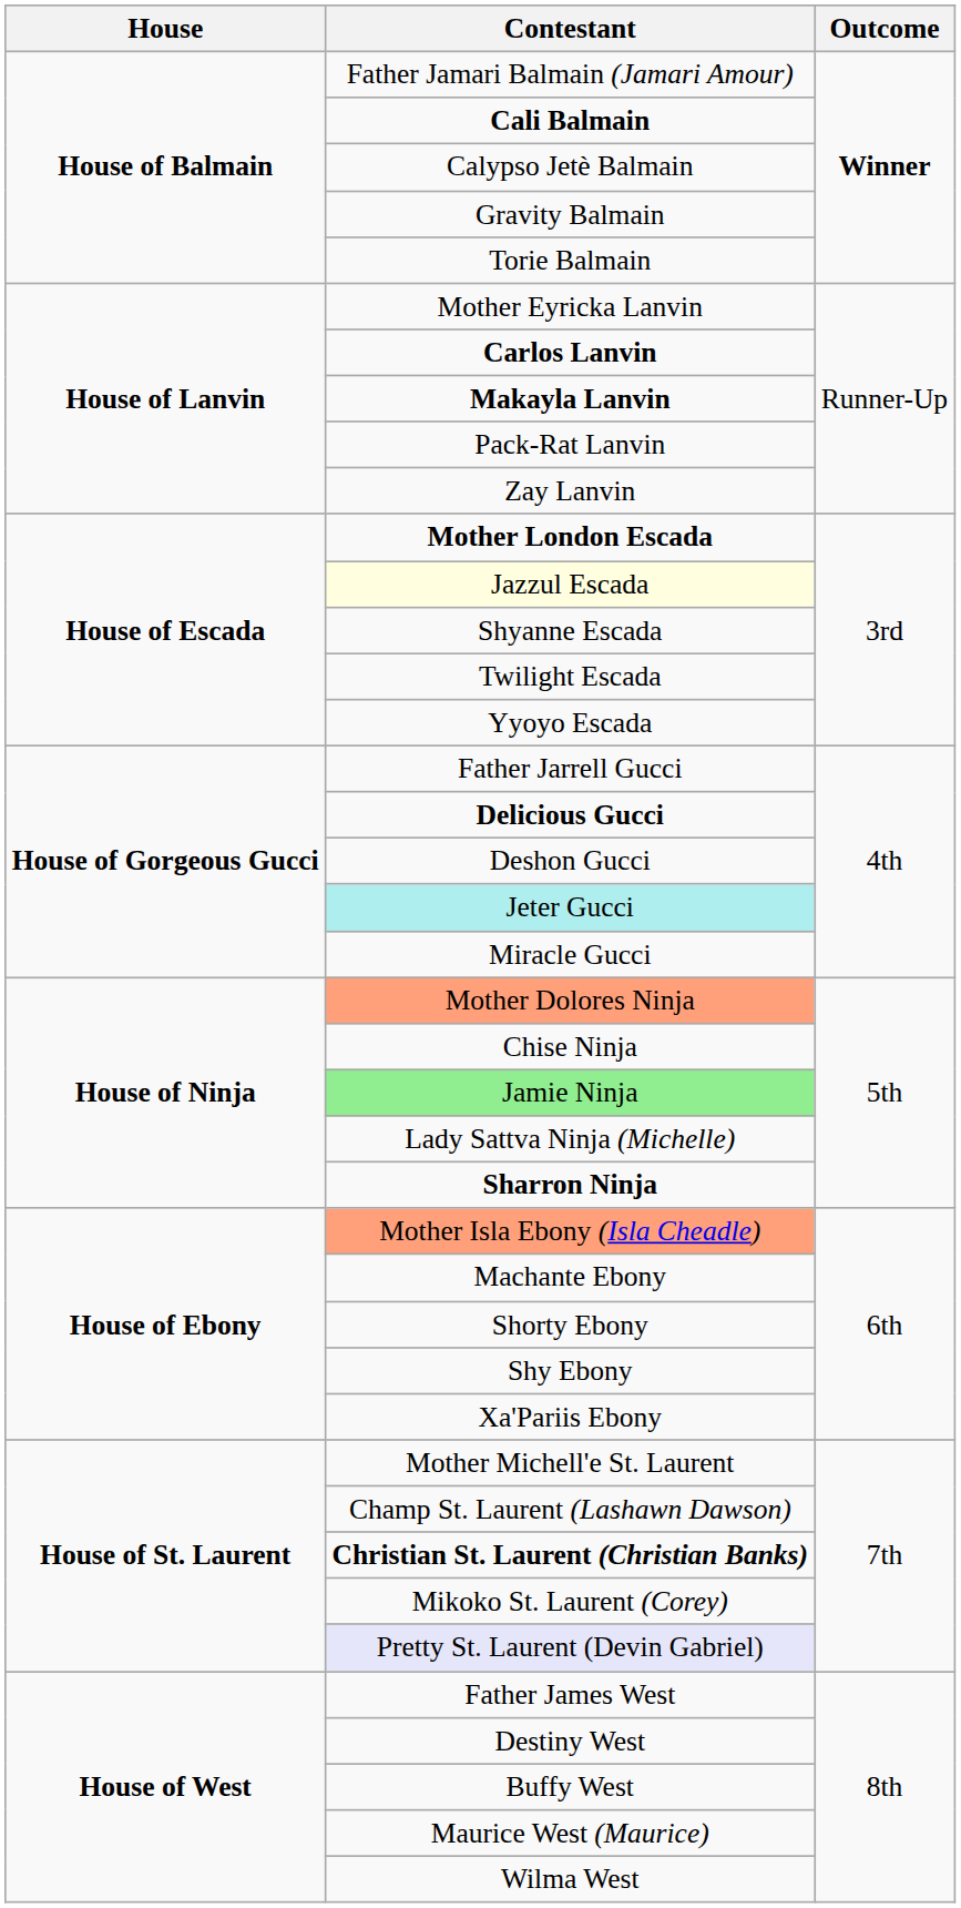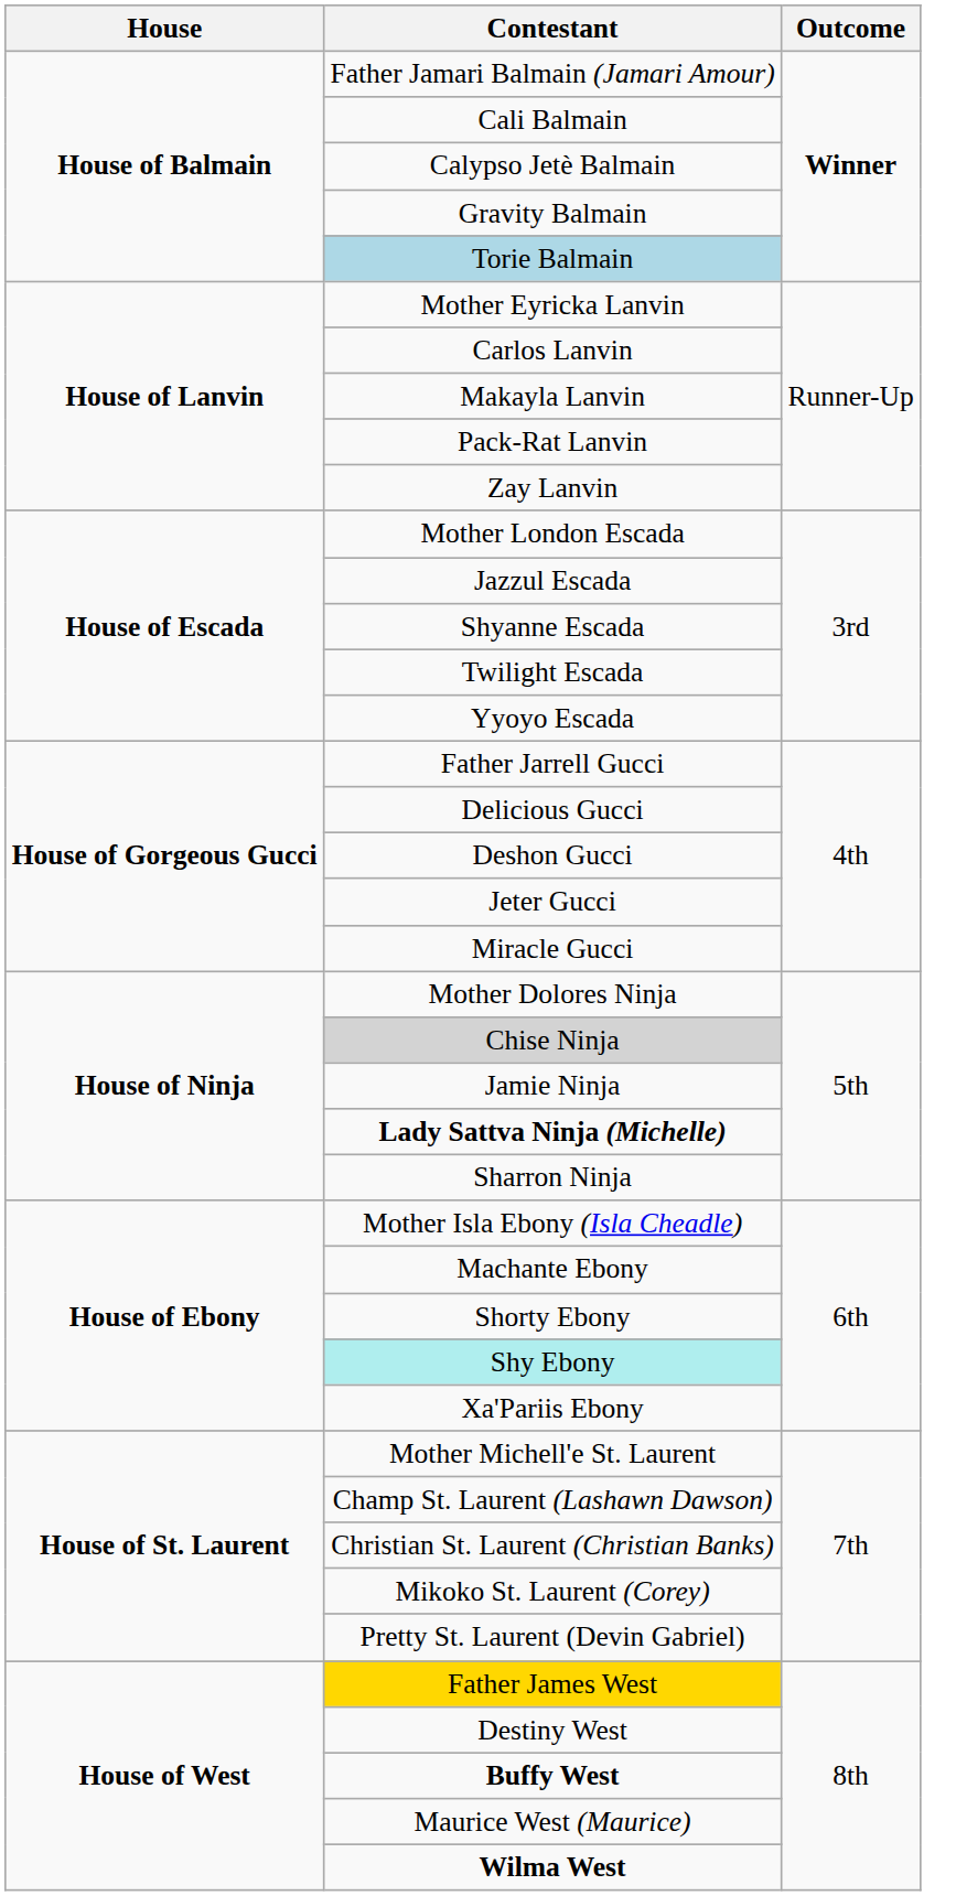 <table class="wikitable sortable" border="2" style="text-align: center; font-size: 96%;">
 <tr>
 <th>House</th>
 <th>Contestant</th>
 <th>Outcome</th>
 </tr>
 <tr>
 <td rowspan="5"><strong>House of Balmain</strong></td>
 <td>Father Jamari Balmain <em>(Jamari Amour)</em></td>
 <td rowspan="5"><strong>Winner</strong></td>
 </tr>
 <tr>
-<td><strong>Cali Balmain</strong></td>
+<td>Cali Balmain</td>
 </tr>
 <tr>
 <td>Calypso Jetè Balmain</td>
 </tr>
 <tr>
 <td>Gravity Balmain</td>
 </tr>
 <tr>
-<td>Torie Balmain</td>
+<td style="background: lightblue;">Torie Balmain</td>
 </tr>
 <tr>
 <td rowspan="5"><strong>House of Lanvin</strong></td>
 <td>Mother Eyricka Lanvin</td>
 <td rowspan="5">Runner-Up</td>
 </tr>
 <tr>
-<td><strong>Carlos Lanvin</strong></td>
+<td>Carlos Lanvin</td>
 </tr>
 <tr>
-<td><strong>Makayla Lanvin</strong></td>
+<td>Makayla Lanvin</td>
 </tr>
 <tr>
 <td>Pack-Rat Lanvin</td>
 </tr>
 <tr>
 <td>Zay Lanvin</td>
 </tr>
 <tr>
 <td rowspan="5"><strong>House of Escada</strong></td>
-<td><strong>Mother London Escada</strong></td>
+<td>Mother London Escada</td>
 <td rowspan="5">3rd</td>
 </tr>
 <tr>
-<td style="background: lightyellow;">Jazzul Escada</td>
+<td>Jazzul Escada</td>
 </tr>
 <tr>
 <td>Shyanne Escada</td>
 </tr>
 <tr>
 <td>Twilight Escada</td>
 </tr>
 <tr>
 <td>Yyoyo Escada</td>
 </tr>
 <tr>
 <td rowspan="5"><strong>House of Gorgeous Gucci</strong></td>
 <td>Father Jarrell Gucci</td>
 <td rowspan="5">4th</td>
 </tr>
 <tr>
-<td><strong>Delicious Gucci</strong></td>
+<td>Delicious Gucci</td>
 </tr>
 <tr>
 <td>Deshon Gucci</td>
 </tr>
 <tr>
-<td style="background: paleturquoise;">Jeter Gucci</td>
+<td>Jeter Gucci</td>
 </tr>
 <tr>
 <td>Miracle Gucci</td>
 </tr>
 <tr>
 <td rowspan="5"><strong>House of Ninja</strong></td>
-<td style="background: lightsalmon;">Mother Dolores Ninja</td>
+<td>Mother Dolores Ninja</td>
 <td rowspan="5">5th</td>
 </tr>
 <tr>
-<td>Chise Ninja</td>
+<td style="background: lightgrey;">Chise Ninja</td>
 </tr>
 <tr>
-<td style="background: lightgreen;">Jamie Ninja</td>
+<td>Jamie Ninja</td>
 </tr>
 <tr>
-<td>Lady Sattva Ninja <em>(Michelle)</em></td>
+<td><strong>Lady Sattva Ninja <em>(Michelle)</em></strong></td>
 </tr>
 <tr>
-<td><strong>Sharron Ninja</strong></td>
+<td>Sharron Ninja</td>
 </tr>
 <tr>
 <td rowspan="5"><strong>House of Ebony</strong></td>
-<td style="background: lightsalmon;">Mother Isla Ebony <em>(<a href='#'>Isla Cheadle</a>)</em></td>
+<td>Mother Isla Ebony <em>(<a href='#'>Isla Cheadle</a>)</em></td>
 <td rowspan="5">6th</td>
 </tr>
 <tr>
 <td>Machante Ebony</td>
 </tr>
 <tr>
 <td>Shorty Ebony</td>
 </tr>
 <tr>
-<td>Shy Ebony</td>
+<td style="background: paleturquoise;">Shy Ebony</td>
 </tr>
 <tr>
 <td>Xa'Pariis Ebony</td>
 </tr>
 <tr>
 <td rowspan="5"><strong>House of St. Laurent</strong></td>
 <td>Mother Michell'e St. Laurent</td>
 <td rowspan="5">7th</td>
 </tr>
 <tr>
 <td>Champ St. Laurent <em>(Lashawn Dawson)</em></td>
 </tr>
 <tr>
-<td><strong>Christian St. Laurent <em>(Christian Banks)</em></strong></td>
+<td>Christian St. Laurent <em>(Christian Banks)</em></td>
 </tr>
 <tr>
 <td>Mikoko St. Laurent <em>(Corey)</em></td>
 </tr>
 <tr>
-<td style="background: lavender;">Pretty St. Laurent (Devin Gabriel)</td>
+<td>Pretty St. Laurent (Devin Gabriel)</td>
 </tr>
 <tr>
 <td rowspan="5"><strong>House of West</strong></td>
-<td>Father James West</td>
+<td style="background: gold;">Father James West</td>
 <td rowspan="5">8th</td>
 </tr>
 <tr>
 <td>Destiny West</td>
 </tr>
 <tr>
-<td>Buffy West</td>
+<td><strong>Buffy West</strong></td>
 </tr>
 <tr>
 <td>Maurice West <em>(Maurice)</em></td>
 </tr>
 <tr>
-<td>Wilma West</td>
+<td><strong>Wilma West</strong></td>
 </tr>
 </table>
